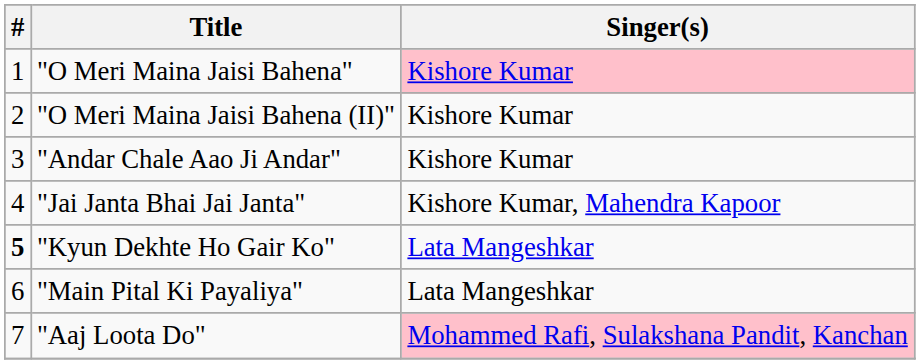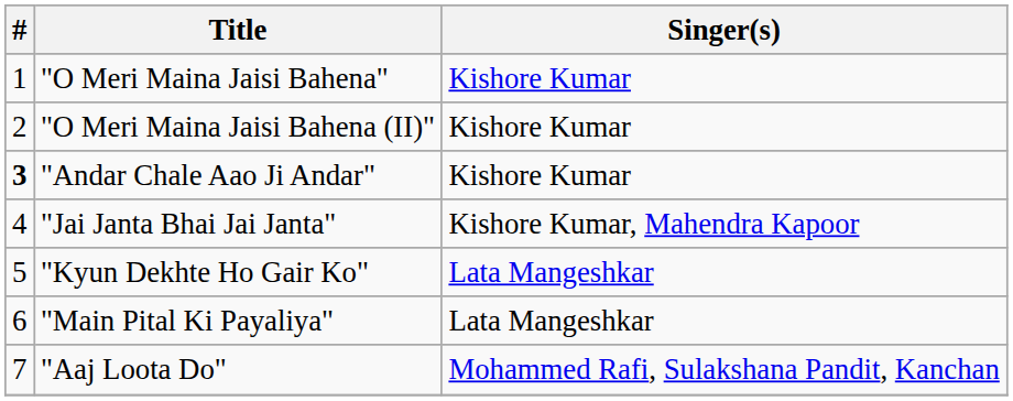 <table class="wikitable" style="font-size:95%;">
 <tr>
 <th>#</th>
 <th>Title</th>
 <th>Singer(s)</th>
 </tr>
 <tr>
 <td>1</td>
 <td>"O Meri Maina Jaisi Bahena"</td>
-<td style="background: pink;"><a href='#'>Kishore Kumar</a></td>
+<td><a href='#'>Kishore Kumar</a></td>
 </tr>
 <tr>
 <td>2</td>
 <td>"O Meri Maina Jaisi Bahena (II)"</td>
 <td>Kishore Kumar</td>
 </tr>
 <tr>
-<td>3</td>
+<td><strong>3</strong></td>
 <td>"Andar Chale Aao Ji Andar"</td>
 <td>Kishore Kumar</td>
 </tr>
 <tr>
 <td>4</td>
 <td>"Jai Janta Bhai Jai Janta"</td>
 <td>Kishore Kumar, <a href='#'>Mahendra Kapoor</a></td>
 </tr>
 <tr>
-<td><strong>5</strong></td>
+<td>5</td>
 <td>"Kyun Dekhte Ho Gair Ko"</td>
 <td><a href='#'>Lata Mangeshkar</a></td>
 </tr>
 <tr>
 <td>6</td>
 <td>"Main Pital Ki Payaliya"</td>
 <td>Lata Mangeshkar</td>
 </tr>
 <tr>
 <td>7</td>
 <td>"Aaj Loota Do"</td>
-<td style="background: pink;"><a href='#'>Mohammed Rafi</a>, <a href='#'>Sulakshana Pandit</a>, <a href='#'>Kanchan</a></td>
+<td><a href='#'>Mohammed Rafi</a>, <a href='#'>Sulakshana Pandit</a>, <a href='#'>Kanchan</a></td>
 </tr>
 <tr>
 </tr>
 </table>
